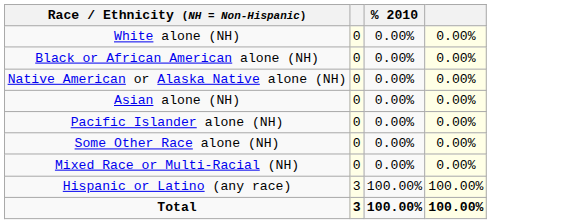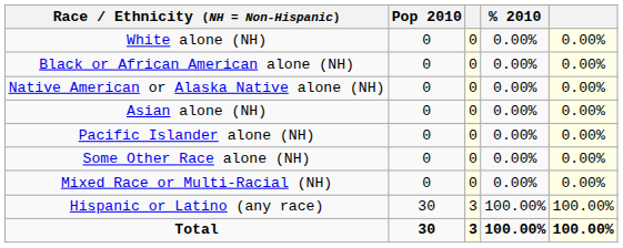 <table class="wikitable" style="text-align:center;">
 <tr>
 <th>Race / Ethnicity <small>(<em>NH = Non-Hispanic</em>)</small></th>
+<th>Pop 2010</th>
 <th></th>
 <th>% 2010</th>
 <th></th>
 </tr>
 <tr>
 <td><a href='#'>White</a> alone (NH)</td>
+<td>0</td>
 <td style='background: #ffffe6;'>0</td>
 <td>0.00%</td>
 <td style='background: #ffffe6;'>0.00%</td>
 </tr>
 <tr>
 <td><a href='#'>Black or African American</a> alone (NH)</td>
+<td>0</td>
 <td style='background: #ffffe6;'>0</td>
 <td>0.00%</td>
 <td style='background: #ffffe6;'>0.00%</td>
 </tr>
 <tr>
 <td><a href='#'>Native American</a> or <a href='#'>Alaska Native</a> alone (NH)</td>
+<td>0</td>
 <td style='background: #ffffe6;'>0</td>
 <td>0.00%</td>
 <td style='background: #ffffe6;'>0.00%</td>
 </tr>
 <tr>
 <td><a href='#'>Asian</a> alone (NH)</td>
+<td>0</td>
 <td style='background: #ffffe6;'>0</td>
 <td>0.00%</td>
 <td style='background: #ffffe6;'>0.00%</td>
 </tr>
 <tr>
 <td><a href='#'>Pacific Islander</a> alone (NH)</td>
+<td>0</td>
 <td style='background: #ffffe6;'>0</td>
 <td>0.00%</td>
 <td style='background: #ffffe6;'>0.00%</td>
 </tr>
 <tr>
 <td><a href='#'>Some Other Race</a> alone (NH)</td>
+<td>0</td>
 <td style='background: #ffffe6;'>0</td>
 <td>0.00%</td>
 <td style='background: #ffffe6;'>0.00%</td>
 </tr>
 <tr>
 <td><a href='#'>Mixed Race or Multi-Racial</a> (NH)</td>
+<td>0</td>
 <td style='background: #ffffe6;'>0</td>
 <td>0.00%</td>
 <td style='background: #ffffe6;'>0.00%</td>
 </tr>
 <tr>
 <td><a href='#'>Hispanic or Latino</a> (any race)</td>
+<td>30</td>
 <td style='background: #ffffe6;'>3</td>
 <td>100.00%</td>
 <td style='background: #ffffe6;'>100.00%</td>
 </tr>
 <tr>
 <td><strong>Total</strong></td>
+<td><strong>30</strong></td>
 <td style='background: #ffffe6;'><strong>3</strong></td>
 <td><strong>100.00%</strong></td>
 <td style='background: #ffffe6;'><strong>100.00%</strong></td>
 </tr>
 </table>
